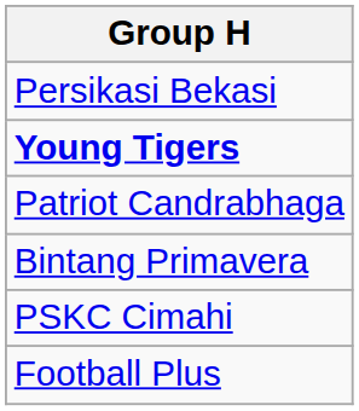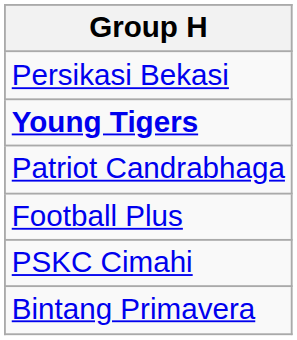 <table class="wikitable">
 <tr>
 <th><strong>Group H</strong></th>
 </tr>
 <tr>
 <td><a href='#'>Persikasi Bekasi</a></td>
 </tr>
 <tr>
 <td><strong><a href='#'>Young Tigers</a></strong></td>
 </tr>
 <tr>
 <td><a href='#'>Patriot Candrabhaga</a></td>
 </tr>
 <tr>
-<td><a href='#'>Bintang Primavera</a></td>
+<td><a href='#'>Football Plus</a></td>
 </tr>
 <tr>
 <td><a href='#'>PSKC Cimahi</a></td>
 </tr>
 <tr>
-<td><a href='#'>Football Plus</a></td>
+<td><a href='#'>Bintang Primavera</a></td>
 </tr>
 </table>
